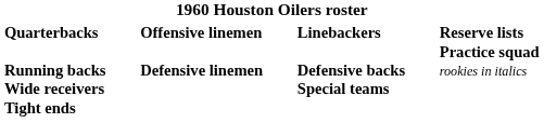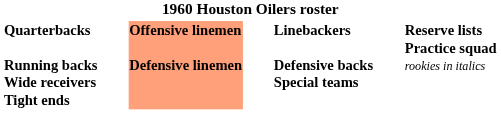 <table class="toccolours" style="text-align: left;">
 <tr>
 <th colspan="7" style="text-align:center; "><strong>1960 Houston Oilers roster</strong></th>
 </tr>
 <tr>
 <td style="font-size: 95%;" valign="top"><strong>Quarterbacks</strong><br>  <br><strong>Running backs</strong>        <br><strong>Wide receivers</strong>     <br><strong>Tight ends</strong>   </td>
 <td style="width: 25px;"></td>
-<td style="font-size: 95%;" valign="top"><strong>Offensive linemen</strong><br>        <br><strong>Defensive linemen</strong></td>
+<td style="background: lightsalmon; font-size: 95%;" valign="top"><strong>Offensive linemen</strong><br>        <br><strong>Defensive linemen</strong></td>
 <td style="width: 25px;"></td>
 <td style="font-size: 95%;" valign="top"><strong>Linebackers</strong><br>    <br><strong>Defensive backs</strong>         <br><strong>Special teams</strong></td>
 <td style="width: 25px;"></td>
 <td style="font-size: 95%;" valign="top"><strong>Reserve lists</strong><br><strong>Practice squad</strong><br><small><em>rookies in italics</em></small><br></td>
 </tr>
 <tr>
 </tr>
 </table>
